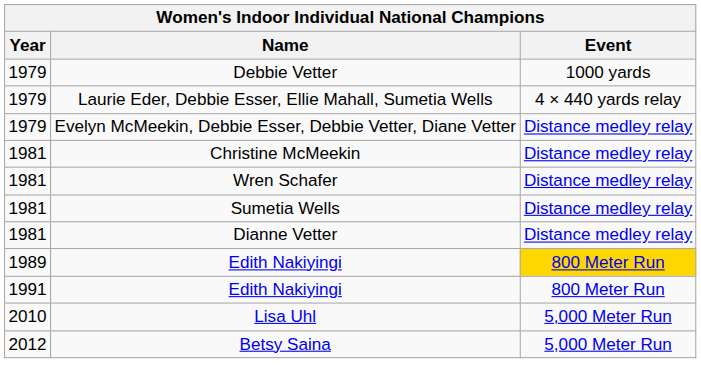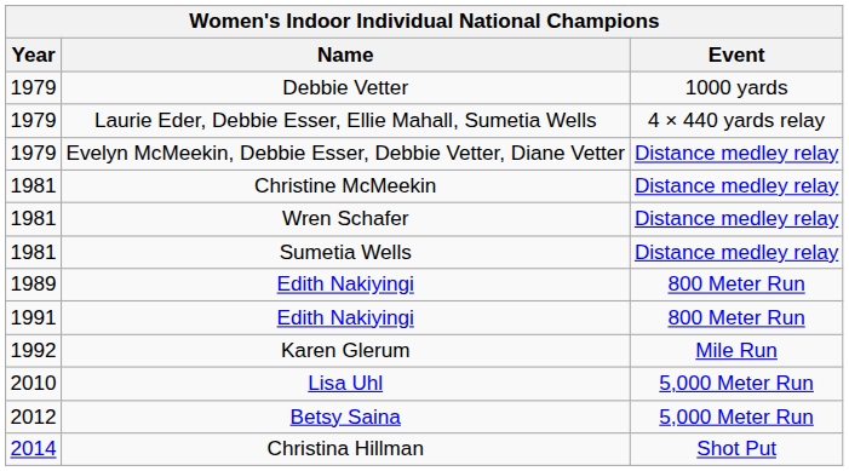 <table class="wikitable">
 <tr>
 <th colspan="3">Women's Indoor Individual National Champions</th>
 </tr>
 <tr>
 <th scope="col">Year</th>
 <th scope="col">Name</th>
 <th scope="col">Event</th>
 </tr>
 <tr>
 <td>1979</td>
 <td style="text-align: center;">Debbie Vetter</td>
 <td style="text-align: center;">1000 yards</td>
 </tr>
 <tr>
 <td>1979</td>
 <td style="text-align: center;">Laurie Eder, Debbie Esser, Ellie Mahall, Sumetia Wells</td>
 <td style="text-align: center;">4 × 440 yards relay</td>
 </tr>
 <tr>
 <td>1979</td>
 <td style="text-align: center;">Evelyn McMeekin, Debbie Esser, Debbie Vetter, Diane Vetter</td>
 <td style="text-align: center;"><a href='#'>Distance medley relay</a></td>
 </tr>
 <tr>
 <td>1981</td>
 <td style="text-align: center;">Christine McMeekin</td>
 <td style="text-align: center;"><a href='#'>Distance medley relay</a></td>
 </tr>
 <tr>
 <td>1981</td>
 <td style="text-align: center;">Wren Schafer</td>
 <td style="text-align: center;"><a href='#'>Distance medley relay</a></td>
 </tr>
 <tr>
 <td>1981</td>
 <td style="text-align: center;">Sumetia Wells</td>
 <td style="text-align: center;"><a href='#'>Distance medley relay</a></td>
 </tr>
 <tr>
-<td>1981</td>
-<td style="text-align: center;">Dianne Vetter</td>
-<td style="text-align: center;"><a href='#'>Distance medley relay</a></td>
-</tr>
-<tr>
 <td>1989</td>
 <td style="text-align: center;"><a href='#'>Edith Nakiyingi</a></td>
-<td style="background: gold; text-align: center;"><a href='#'>800 Meter Run</a></td>
+<td style="text-align: center;"><a href='#'>800 Meter Run</a></td>
 </tr>
 <tr>
 <td>1991</td>
 <td style="text-align: center;"><a href='#'>Edith Nakiyingi</a></td>
 <td style="text-align: center;"><a href='#'>800 Meter Run</a></td>
+</tr>
+<tr>
+<td>1992</td>
+<td style="text-align: center;">Karen Glerum</td>
+<td style="text-align: center;"><a href='#'>Mile Run</a></td>
 </tr>
 <tr>
 <td>2010</td>
 <td style="text-align: center;"><a href='#'>Lisa Uhl</a></td>
 <td style="text-align: center;"><a href='#'>5,000 Meter Run</a></td>
 </tr>
 <tr>
 <td>2012</td>
 <td style="text-align: center;"><a href='#'>Betsy Saina</a></td>
 <td style="text-align: center;"><a href='#'>5,000 Meter Run</a></td>
 </tr>
+<tr>
+<td><a href='#'>2014</a></td>
+<td style="text-align: center;">Christina Hillman</td>
+<td style="text-align: center;"><a href='#'>Shot Put</a></td>
+</tr>
 </table>
